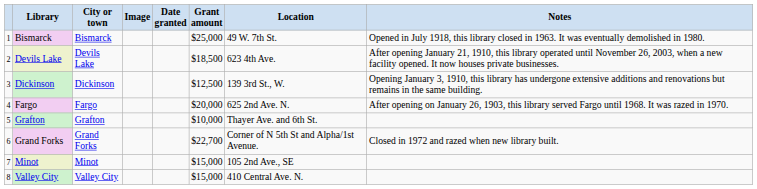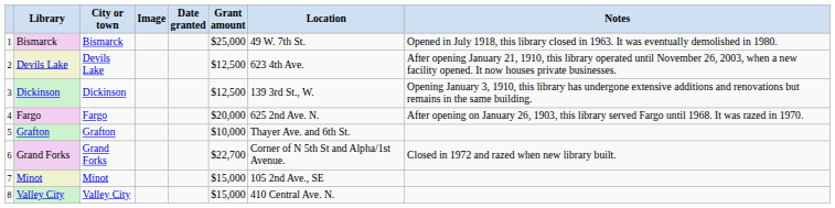 <table class="wikitable sortable" align="center">
 <tr>
 <th style="background-color:#CEE0F2;"></th>
 <th style="background-color:#CEE0F2;" width=8%>Library</th>
 <th style="background-color:#CEE0F2;">City or<br>town</th>
 <th style="background-color:#CEE0F2;" class="unsortable">Image</th>
 <th style="background-color:#CEE0F2;">Date<br>granted</th>
 <th style="background-color:#CEE0F2;">Grant<br>amount</th>
 <th style="background-color:#CEE0F2;" width=19%>Location</th>
 <th style="background-color:#CEE0F2;" class="unsortable">Notes</th>
 </tr>
 <tr ->
 <td align=center><small>1</small></td>
 <td style=background-color:#F2CEF2;>Bismarck</td>
 <td><a href='#'>Bismarck</a></td>
 <td></td>
 <td></td>
 <td align=right>$25,000</td>
 <td>49 W. 7th St.<br><small></small></td>
 <td>Opened in July 1918, this library closed in 1963. It was eventually demolished in 1980.</td>
 </tr>
 <tr ->
 <td><small>2</small></td>
 <td style=background-color:#EEF2CE;><a href='#'>Devils Lake</a></td>
 <td><a href='#'>Devils Lake</a></td>
 <td></td>
 <td></td>
-<td align=right>$18,500</td>
+<td align=right>$12,500</td>
 <td>623 4th Ave.<br><small></small></td>
 <td>After opening January 21, 1910, this library operated until November 26, 2003, when a new facility opened. It now houses private businesses.</td>
 </tr>
 <tr ->
 <td><small>3</small></td>
 <td style=background-color:#CEF2CE;><a href='#'>Dickinson</a></td>
 <td><a href='#'>Dickinson</a></td>
 <td></td>
 <td></td>
 <td align=right>$12,500</td>
 <td>139 3rd St., W.<br><small></small></td>
 <td>Opening January 3, 1910, this library has undergone extensive additions and renovations but remains in the same building.</td>
 </tr>
 <tr ->
 <td align=center><small>4</small></td>
 <td style=background-color:#F2CEF2;>Fargo</td>
 <td><a href='#'>Fargo</a></td>
 <td></td>
 <td></td>
 <td align=right>$20,000</td>
 <td>625 2nd Ave. N.<br><small></small></td>
 <td>After opening on January 26, 1903, this library served Fargo until 1968. It was razed in 1970.</td>
 </tr>
 <tr ->
 <td align=center><small>5</small></td>
 <td style=background-color:#CEF2CE;><a href='#'>Grafton</a></td>
 <td><a href='#'>Grafton</a></td>
 <td></td>
 <td></td>
 <td align=right>$10,000</td>
 <td>Thayer Ave. and 6th St.<br><small></small></td>
 <td></td>
 </tr>
 <tr ->
 <td align=center><small>6</small></td>
 <td style=background-color:#F2CEF2;>Grand Forks</td>
 <td><a href='#'>Grand Forks</a></td>
 <td></td>
 <td></td>
 <td align=right>$22,700</td>
 <td>Corner of N 5th St and Alpha/1st Avenue.</td>
 <td>Closed in 1972 and razed when new library built.</td>
 </tr>
 <tr ->
 <td><small>7</small></td>
 <td style=background-color:#EEF2CE;><a href='#'>Minot</a></td>
 <td><a href='#'>Minot</a></td>
 <td></td>
 <td></td>
 <td align=right>$15,000</td>
 <td>105 2nd Ave., SE<br><small></small></td>
 <td></td>
 </tr>
 <tr ->
 <td><small>8</small></td>
 <td style=background-color:#CEF2CE;><a href='#'>Valley City</a></td>
 <td><a href='#'>Valley City</a></td>
 <td></td>
 <td></td>
 <td align=right>$15,000</td>
 <td>410 Central Ave. N.<br><small></small></td>
 <td></td>
 </tr>
 </table>
